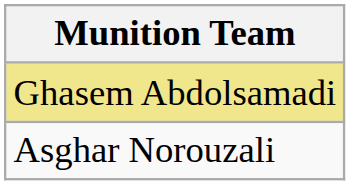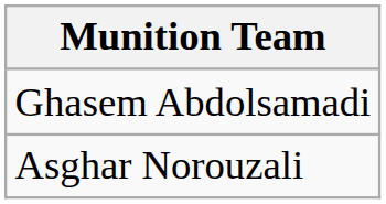 <table class="wikitable" "align: right;">
 <tr>
 <th>Munition Team</th>
 </tr>
 <tr>
-<td style="background: khaki;"> Ghasem Abdolsamadi</td>
+<td> Ghasem Abdolsamadi</td>
 </tr>
 <tr>
 <td> Asghar Norouzali<br></td>
 </tr>
 </table>
